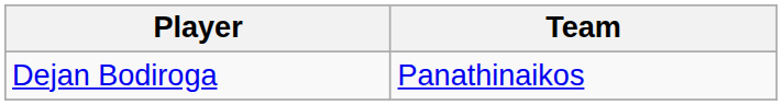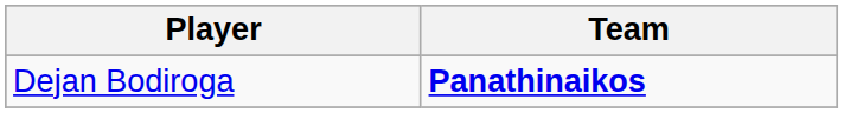 <table class="wikitable" style="text-align: left">
 <tr>
 <th style="width:200px;">Player</th>
 <th style="width:200px;">Team</th>
 </tr>
 <tr>
 <td> <a href='#'>Dejan Bodiroga</a></td>
-<td> <a href='#'>Panathinaikos</a></td>
+<td><strong> <a href='#'>Panathinaikos</a></strong></td>
 </tr>
 </table>
